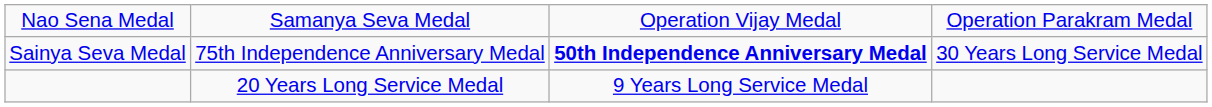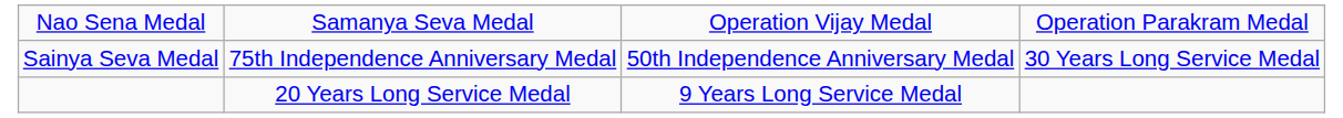 <table class="wikitable" style="margin:1em auto; text-align:center;">
 <tr>
 <td><a href='#'>Nao Sena Medal</a></td>
 <td><a href='#'>Samanya Seva Medal</a></td>
 <td><a href='#'>Operation Vijay Medal</a></td>
 <td><a href='#'>Operation Parakram Medal</a></td>
 </tr>
 <tr>
 <td><a href='#'>Sainya Seva Medal</a></td>
 <td><a href='#'>75th Independence Anniversary Medal</a></td>
-<td><strong><a href='#'>50th Independence Anniversary Medal</a></strong></td>
+<td><a href='#'>50th Independence Anniversary Medal</a></td>
 <td><a href='#'>30 Years Long Service Medal</a></td>
 </tr>
 <tr>
 <td></td>
 <td><a href='#'>20 Years Long Service Medal</a></td>
 <td><a href='#'>9 Years Long Service Medal</a></td>
 <td></td>
 </tr>
 </table>
